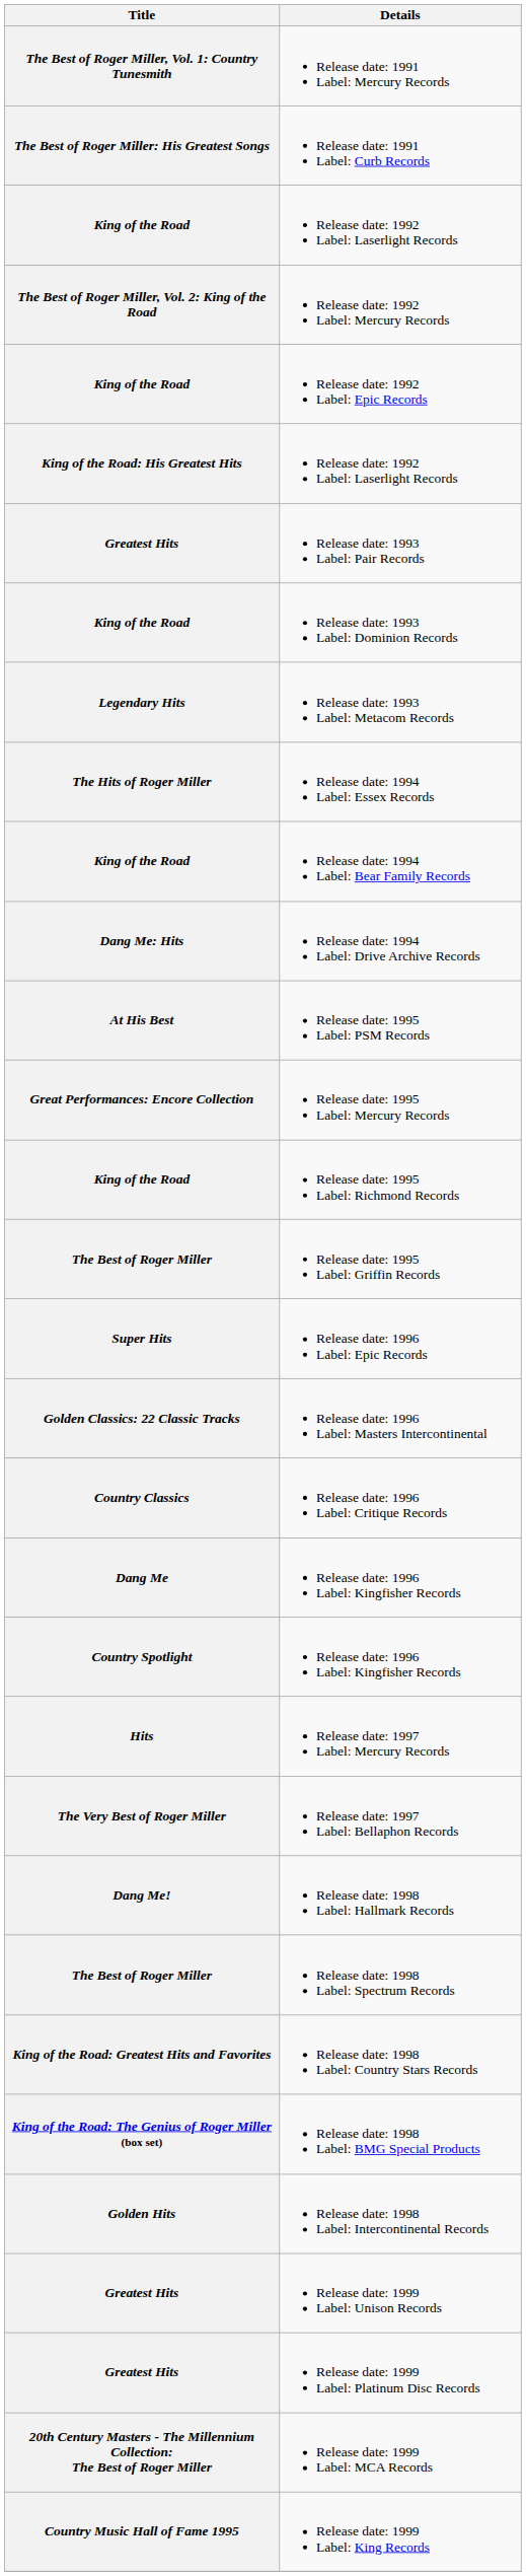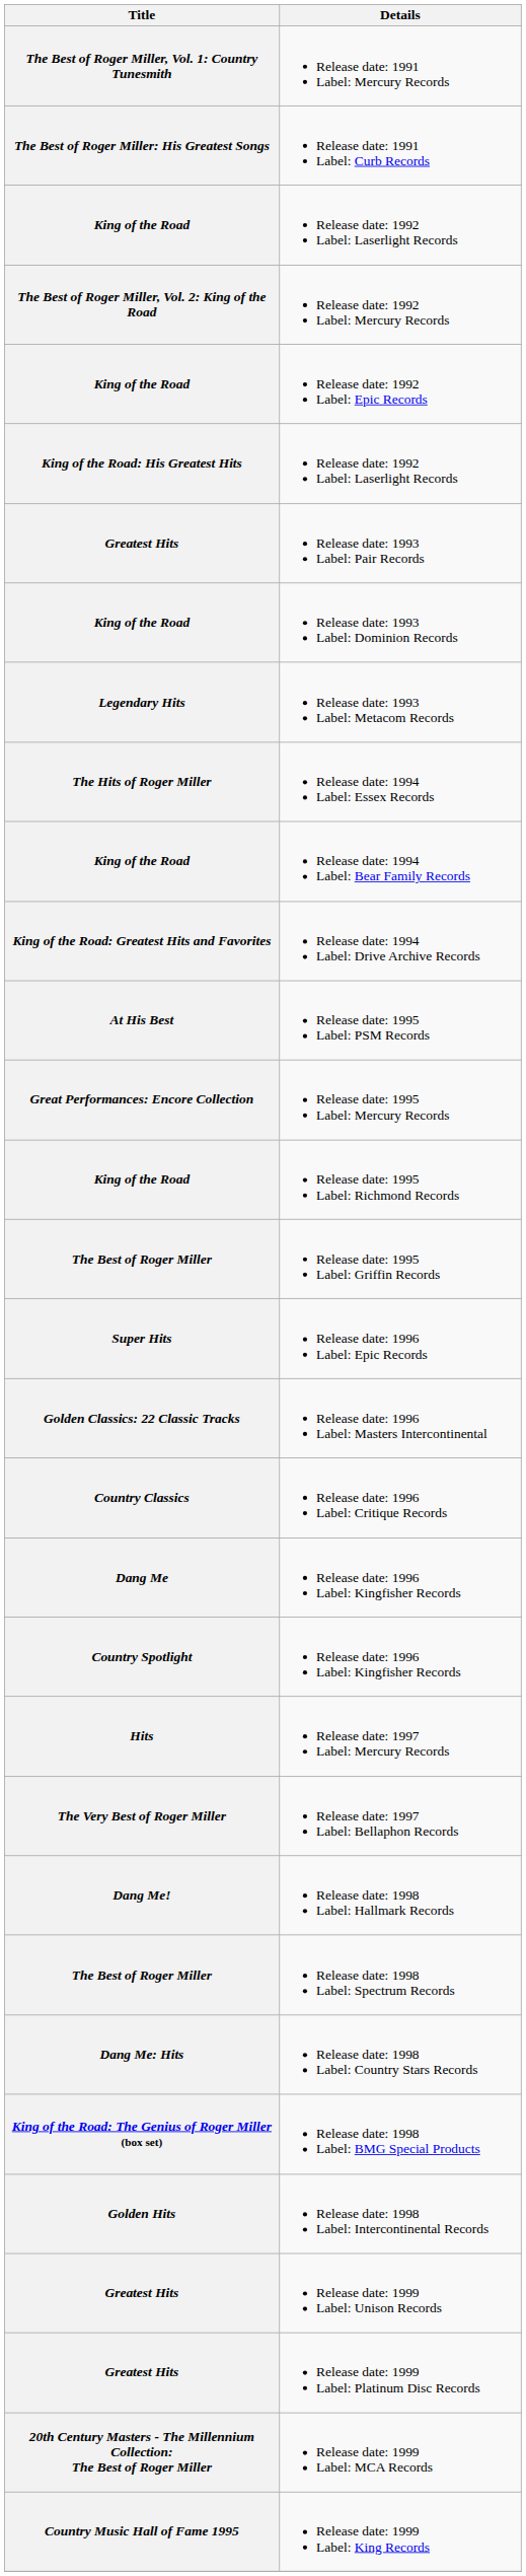 <table class="wikitable plainrowheaders">
 <tr>
 <th style="width:24em;">Title</th>
 <th style="width:20em;">Details</th>
 </tr>
 <tr>
 <th scope="row"><em>The Best of Roger Miller, Vol. 1: Country Tunesmith</em></th>
 <td><br><ul><li>Release date: 1991</li><li>Label: Mercury Records</li></ul></td>
 </tr>
 <tr>
 <th scope="row"><em>The Best of Roger Miller: His Greatest Songs</em></th>
 <td><br><ul><li>Release date: 1991</li><li>Label: <a href='#'>Curb Records</a></li></ul></td>
 </tr>
 <tr>
 <th scope="row"><em>King of the Road</em></th>
 <td><br><ul><li>Release date: 1992</li><li>Label: Laserlight Records</li></ul></td>
 </tr>
 <tr>
 <th scope="row"><em>The Best of Roger Miller, Vol. 2: King of the Road</em></th>
 <td><br><ul><li>Release date: 1992</li><li>Label: Mercury Records</li></ul></td>
 </tr>
 <tr>
 <th scope="row"><em>King of the Road</em></th>
 <td><br><ul><li>Release date: 1992</li><li>Label: <a href='#'>Epic Records</a></li></ul></td>
 </tr>
 <tr>
 <th scope="row"><em>King of the Road: His Greatest Hits</em></th>
 <td><br><ul><li>Release date: 1992</li><li>Label: Laserlight Records</li></ul></td>
 </tr>
 <tr>
 <th scope="row"><em>Greatest Hits</em></th>
 <td><br><ul><li>Release date: 1993</li><li>Label: Pair Records</li></ul></td>
 </tr>
 <tr>
 <th scope="row"><em>King of the Road</em></th>
 <td><br><ul><li>Release date: 1993</li><li>Label: Dominion Records</li></ul></td>
 </tr>
 <tr>
 <th scope="row"><em>Legendary Hits</em></th>
 <td><br><ul><li>Release date: 1993</li><li>Label: Metacom Records</li></ul></td>
 </tr>
 <tr>
 <th scope="row"><em>The Hits of Roger Miller</em></th>
 <td><br><ul><li>Release date: 1994</li><li>Label: Essex Records</li></ul></td>
 </tr>
 <tr>
 <th scope="row"><em>King of the Road</em></th>
 <td><br><ul><li>Release date: 1994</li><li>Label: <a href='#'>Bear Family Records</a></li></ul></td>
 </tr>
 <tr>
-<th scope="row"><em>Dang Me: Hits</em></th>
+<th scope="row"><em>King of the Road: Greatest Hits and Favorites</em></th>
 <td><br><ul><li>Release date: 1994</li><li>Label: Drive Archive Records</li></ul></td>
 </tr>
 <tr>
 <th scope="row"><em>At His Best</em></th>
 <td><br><ul><li>Release date: 1995</li><li>Label: PSM Records</li></ul></td>
 </tr>
 <tr>
 <th scope="row"><em>Great Performances: Encore Collection</em></th>
 <td><br><ul><li>Release date: 1995</li><li>Label: Mercury Records</li></ul></td>
 </tr>
 <tr>
 <th scope="row"><em>King of the Road</em></th>
 <td><br><ul><li>Release date: 1995</li><li>Label: Richmond Records</li></ul></td>
 </tr>
 <tr>
 <th scope="row"><em>The Best of Roger Miller</em></th>
 <td><br><ul><li>Release date: 1995</li><li>Label: Griffin Records</li></ul></td>
 </tr>
 <tr>
 <th scope="row"><em>Super Hits</em></th>
 <td><br><ul><li>Release date: 1996</li><li>Label: Epic Records</li></ul></td>
 </tr>
 <tr>
 <th scope="row"><em>Golden Classics: 22 Classic Tracks</em></th>
 <td><br><ul><li>Release date: 1996</li><li>Label: Masters Intercontinental</li></ul></td>
 </tr>
 <tr>
 <th scope="row"><em>Country Classics</em></th>
 <td><br><ul><li>Release date: 1996</li><li>Label: Critique Records</li></ul></td>
 </tr>
 <tr>
 <th scope="row"><em>Dang Me</em></th>
 <td><br><ul><li>Release date: 1996</li><li>Label: Kingfisher Records</li></ul></td>
 </tr>
 <tr>
 <th scope="row"><em>Country Spotlight</em></th>
 <td><br><ul><li>Release date: 1996</li><li>Label: Kingfisher Records</li></ul></td>
 </tr>
 <tr>
 <th scope="row"><em>Hits</em></th>
 <td><br><ul><li>Release date: 1997</li><li>Label: Mercury Records</li></ul></td>
 </tr>
 <tr>
 <th scope="row"><em>The Very Best of Roger Miller</em></th>
 <td><br><ul><li>Release date: 1997</li><li>Label: Bellaphon Records</li></ul></td>
 </tr>
 <tr>
 <th scope="row"><em>Dang Me!</em></th>
 <td><br><ul><li>Release date: 1998</li><li>Label: Hallmark Records</li></ul></td>
 </tr>
 <tr>
 <th scope="row"><em>The Best of Roger Miller</em></th>
 <td><br><ul><li>Release date: 1998</li><li>Label: Spectrum Records</li></ul></td>
 </tr>
 <tr>
-<th scope="row"><em>King of the Road: Greatest Hits and Favorites</em></th>
+<th scope="row"><em>Dang Me: Hits</em></th>
 <td><br><ul><li>Release date: 1998</li><li>Label: Country Stars Records</li></ul></td>
 </tr>
 <tr>
 <th scope="row"><em><a href='#'>King of the Road: The Genius of Roger Miller</a></em> <small>(box set)</small></th>
 <td><br><ul><li>Release date: 1998</li><li>Label: <a href='#'>BMG Special Products</a></li></ul></td>
 </tr>
 <tr>
 <th scope="row"><em>Golden Hits</em></th>
 <td><br><ul><li>Release date: 1998</li><li>Label: Intercontinental Records</li></ul></td>
 </tr>
 <tr>
 <th scope="row"><em>Greatest Hits</em></th>
 <td><br><ul><li>Release date: 1999</li><li>Label: Unison Records</li></ul></td>
 </tr>
 <tr>
 <th scope="row"><em>Greatest Hits</em></th>
 <td><br><ul><li>Release date: 1999</li><li>Label: Platinum Disc Records</li></ul></td>
 </tr>
 <tr>
 <th scope="row"><em>20th Century Masters - The Millennium Collection:<br>The Best of Roger Miller</em></th>
 <td><br><ul><li>Release date: 1999</li><li>Label: MCA Records</li></ul></td>
 </tr>
 <tr>
 <th scope="row"><em>Country Music Hall of Fame 1995</em></th>
 <td><br><ul><li>Release date: 1999</li><li>Label: <a href='#'>King Records</a></li></ul></td>
 </tr>
 <tr>
 </tr>
 </table>
